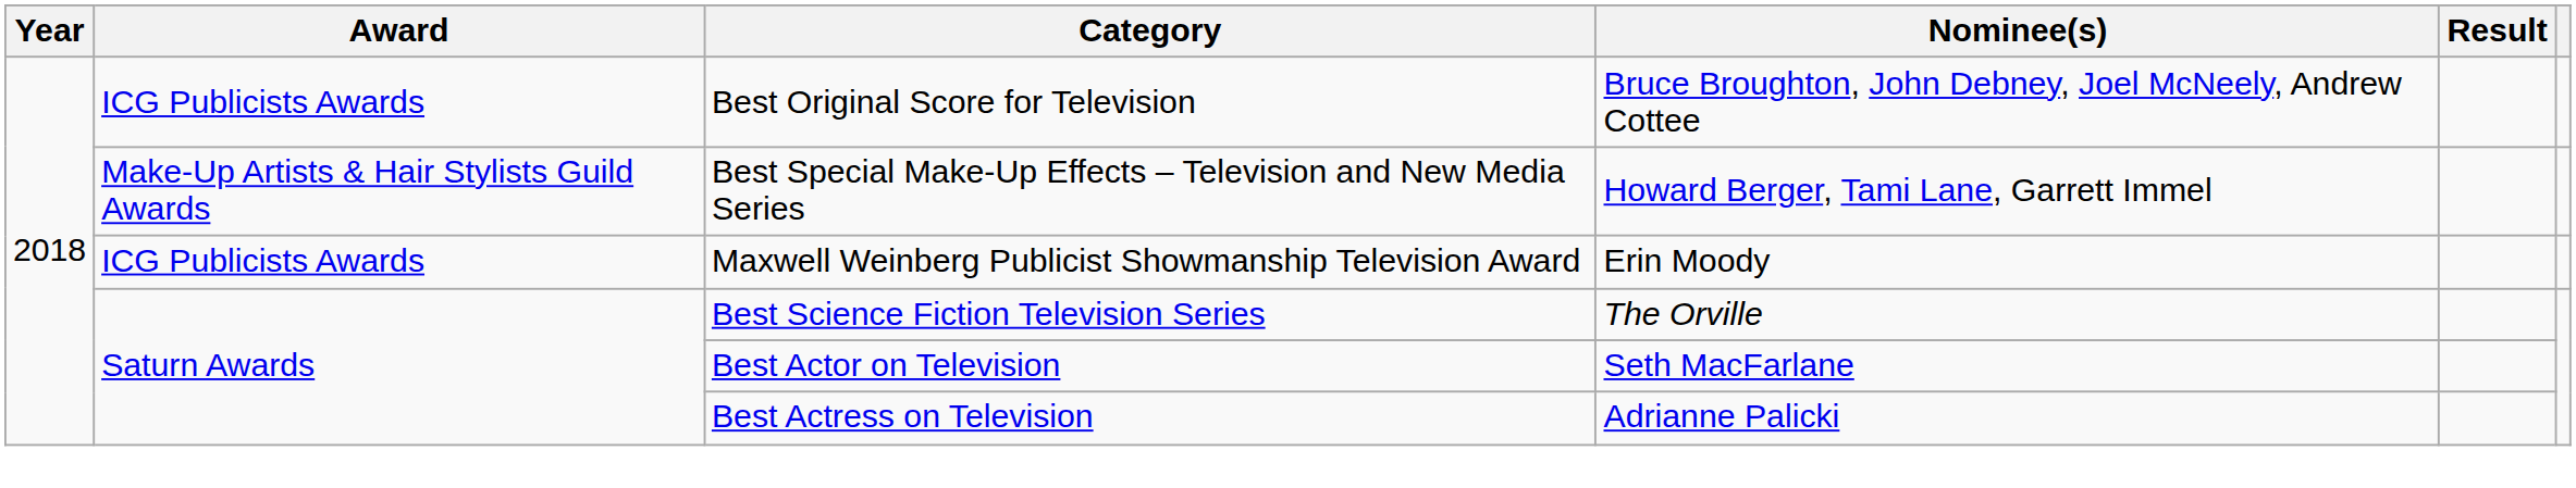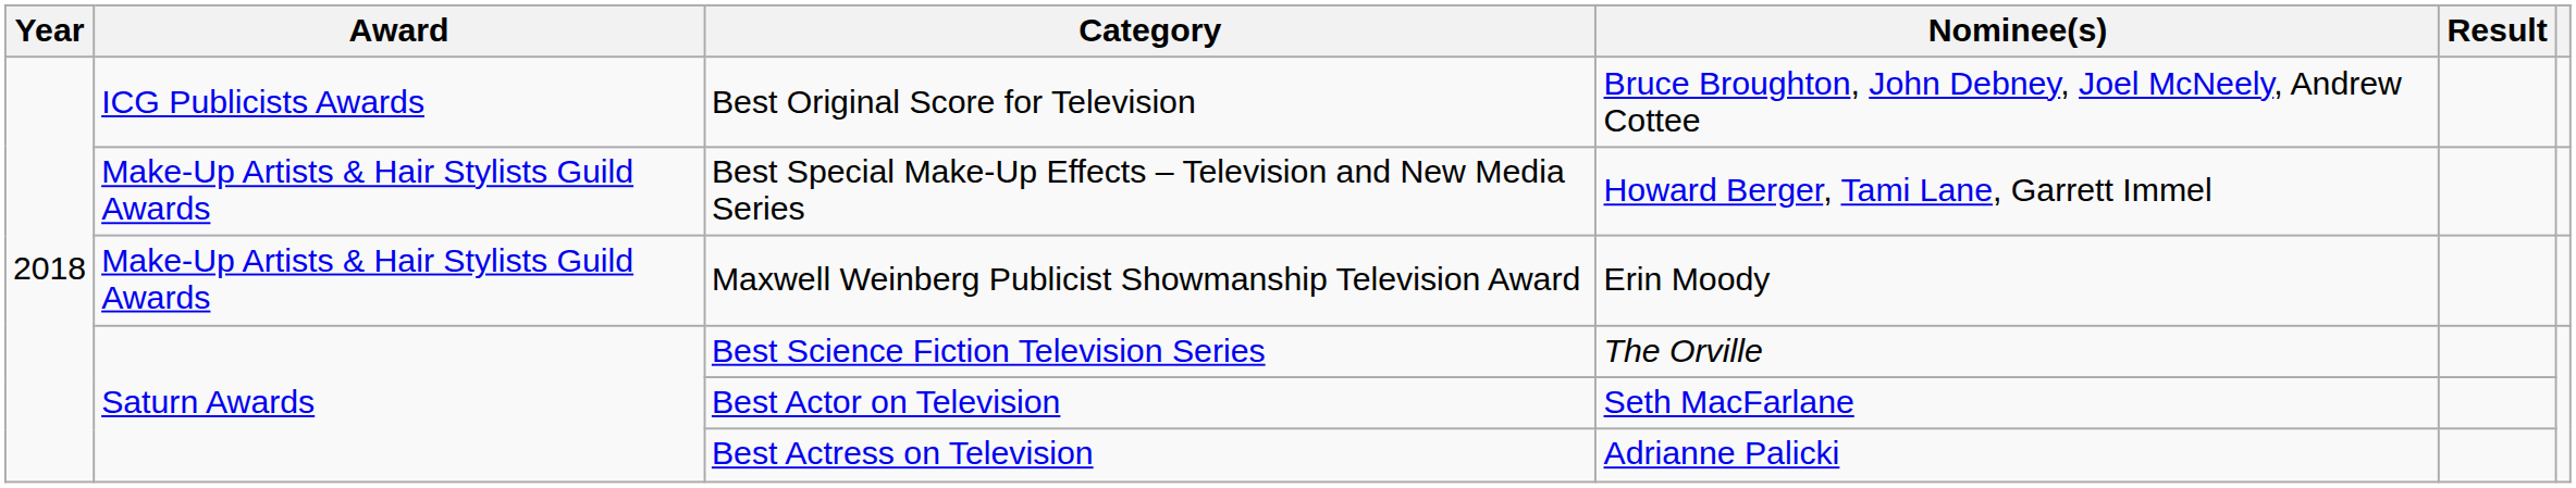 <table class="wikitable plainrowheaders">
 <tr>
 <th scope="col">Year</th>
 <th scope="col">Award</th>
 <th scope="col">Category</th>
 <th scope="col">Nominee(s)</th>
 <th scope="col">Result</th>
 <th></th>
 </tr>
 <tr>
 <td scope="row" rowspan="6">2018</td>
 <td scope="row"><a href='#'>ICG Publicists Awards</a></td>
 <td>Best Original Score for Television</td>
 <td><a href='#'>Bruce Broughton</a>, <a href='#'>John Debney</a>, <a href='#'>Joel McNeely</a>, Andrew Cottee</td>
 <td></td>
 <td style="text-align:center;"></td>
 </tr>
 <tr>
 <td scope="row"><a href='#'>Make-Up Artists & Hair Stylists Guild Awards</a></td>
 <td>Best Special Make-Up Effects – Television and New Media Series</td>
 <td><a href='#'>Howard Berger</a>, <a href='#'>Tami Lane</a>, Garrett Immel</td>
 <td></td>
 <td style="text-align:center;"></td>
 </tr>
 <tr>
-<td scope="row"><a href='#'>ICG Publicists Awards</a></td>
+<td scope="row"><a href='#'>Make-Up Artists & Hair Stylists Guild Awards</a></td>
 <td>Maxwell Weinberg Publicist Showmanship Television Award</td>
 <td>Erin Moody</td>
 <td></td>
 <td style="text-align:center;"></td>
 </tr>
 <tr>
 <td scope="row" rowspan="3"><a href='#'>Saturn Awards</a> </td>
 <td><a href='#'>Best Science Fiction Television Series</a></td>
 <td><em>The Orville</em></td>
 <td></td>
 <td rowspan="3" style="text-align:center;"></td>
 </tr>
 <tr>
 <td><a href='#'>Best Actor on Television</a></td>
 <td><a href='#'>Seth MacFarlane</a></td>
 <td></td>
 </tr>
 <tr>
 <td><a href='#'>Best Actress on Television</a></td>
 <td><a href='#'>Adrianne Palicki</a></td>
 <td></td>
 </tr>
 </table>
